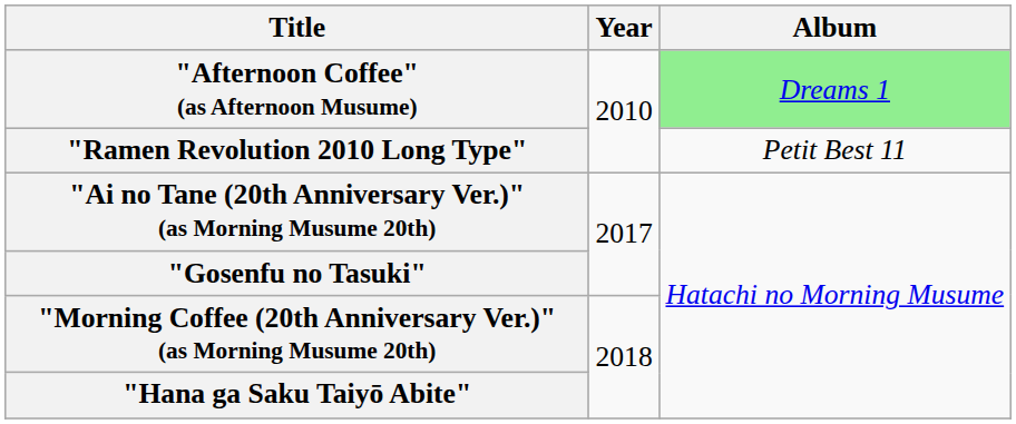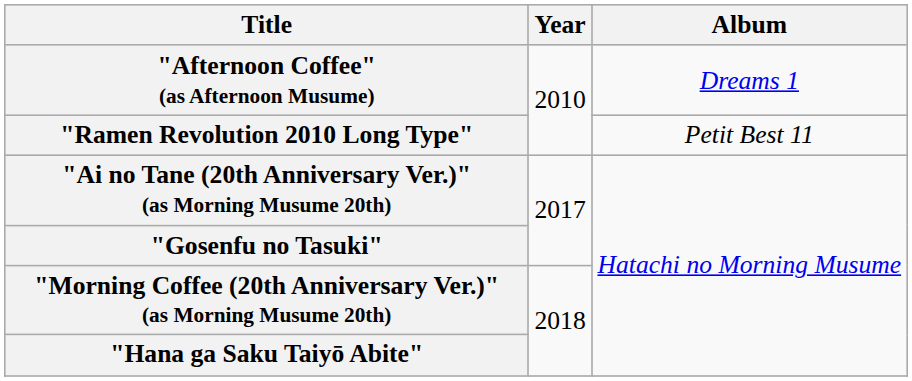 <table class="wikitable plainrowheaders" style="text-align:center;">
 <tr>
 <th style="width:20em;">Title</th>
 <th>Year</th>
 <th>Album</th>
 </tr>
 <tr>
 <th scope=row>"Afternoon Coffee"<br><small>(as Afternoon Musume)</small></th>
 <td rowspan="2">2010</td>
-<td style="background: lightgreen;"><em><a href='#'>Dreams 1</a></em></td>
+<td><em><a href='#'>Dreams 1</a></em></td>
 </tr>
 <tr>
 <th scope=row>"Ramen Revolution 2010 Long Type"</th>
 <td><em>Petit Best 11</em></td>
 </tr>
 <tr>
 <th scope=row>"Ai no Tane (20th Anniversary Ver.)"<br><small>(as Morning Musume 20th)</small></th>
 <td rowspan="2">2017</td>
 <td rowspan="4"><em><a href='#'>Hatachi no Morning Musume</a></em></td>
 </tr>
 <tr>
 <th scope=row>"Gosenfu no Tasuki"</th>
 </tr>
 <tr>
 <th scope=row>"Morning Coffee (20th Anniversary Ver.)"<br><small>(as Morning Musume 20th)</small></th>
 <td rowspan="2">2018</td>
 </tr>
 <tr>
 <th scope=row>"Hana ga Saku Taiyō Abite"</th>
 </tr>
 </table>
